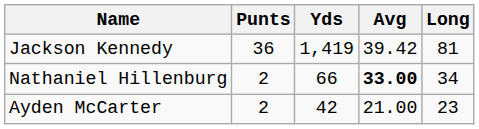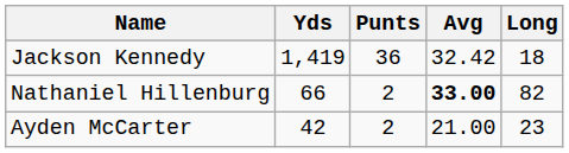 <table class="wikitable">
 <tr>
 <th>Name</th>
+<th>Yds</th>
 <th>Punts</th>
-<th>Yds</th>
 <th>Avg</th>
 <th>Long</th>
 </tr>
 <tr>
 <td>Jackson Kennedy</td>
+<td align=center>1,419</td>
 <td align=center>36</td>
-<td align=center>1,419</td>
-<td align=center>39.42</td>
-<td align=center>81</td>
+<td align=center>32.42</td>
+<td align=center>18</td>
 </tr>
 <tr>
 <td>Nathaniel Hillenburg</td>
+<td align=center>66</td>
 <td align=center>2</td>
-<td align=center>66</td>
 <td align=center><strong>33.00</strong></td>
-<td align=center>34</td>
+<td align=center>82</td>
 </tr>
 <tr>
 <td>Ayden McCarter</td>
+<td align=center>42</td>
 <td align=center>2</td>
-<td align=center>42</td>
 <td align=center>21.00</td>
 <td align=center>23</td>
 </tr>
 </table>
